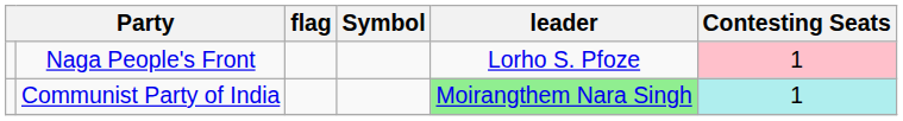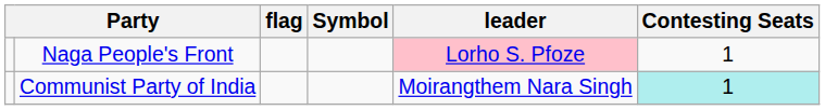 <table class="wikitable" style="text-align:center">
 <tr>
 <th colspan="2">Party</th>
 <th>flag</th>
 <th>Symbol</th>
 <th>leader</th>
 <th>Contesting Seats</th>
 </tr>
 <tr>
 <td></td>
 <td><a href='#'>Naga People's Front</a></td>
 <td></td>
 <td></td>
-<td><a href='#'>Lorho S. Pfoze</a></td>
-<td style="background: pink;">1</td>
+<td style="background: pink;"><a href='#'>Lorho S. Pfoze</a></td>
+<td>1</td>
 </tr>
 <tr>
 <td></td>
 <td><a href='#'>Communist Party of India</a></td>
 <td></td>
 <td></td>
-<td style="background: lightgreen;"><a href='#'>Moirangthem Nara Singh</a></td>
+<td><a href='#'>Moirangthem Nara Singh</a></td>
 <td style="background: paleturquoise;">1</td>
 </tr>
 <tr>
 </tr>
 </table>
